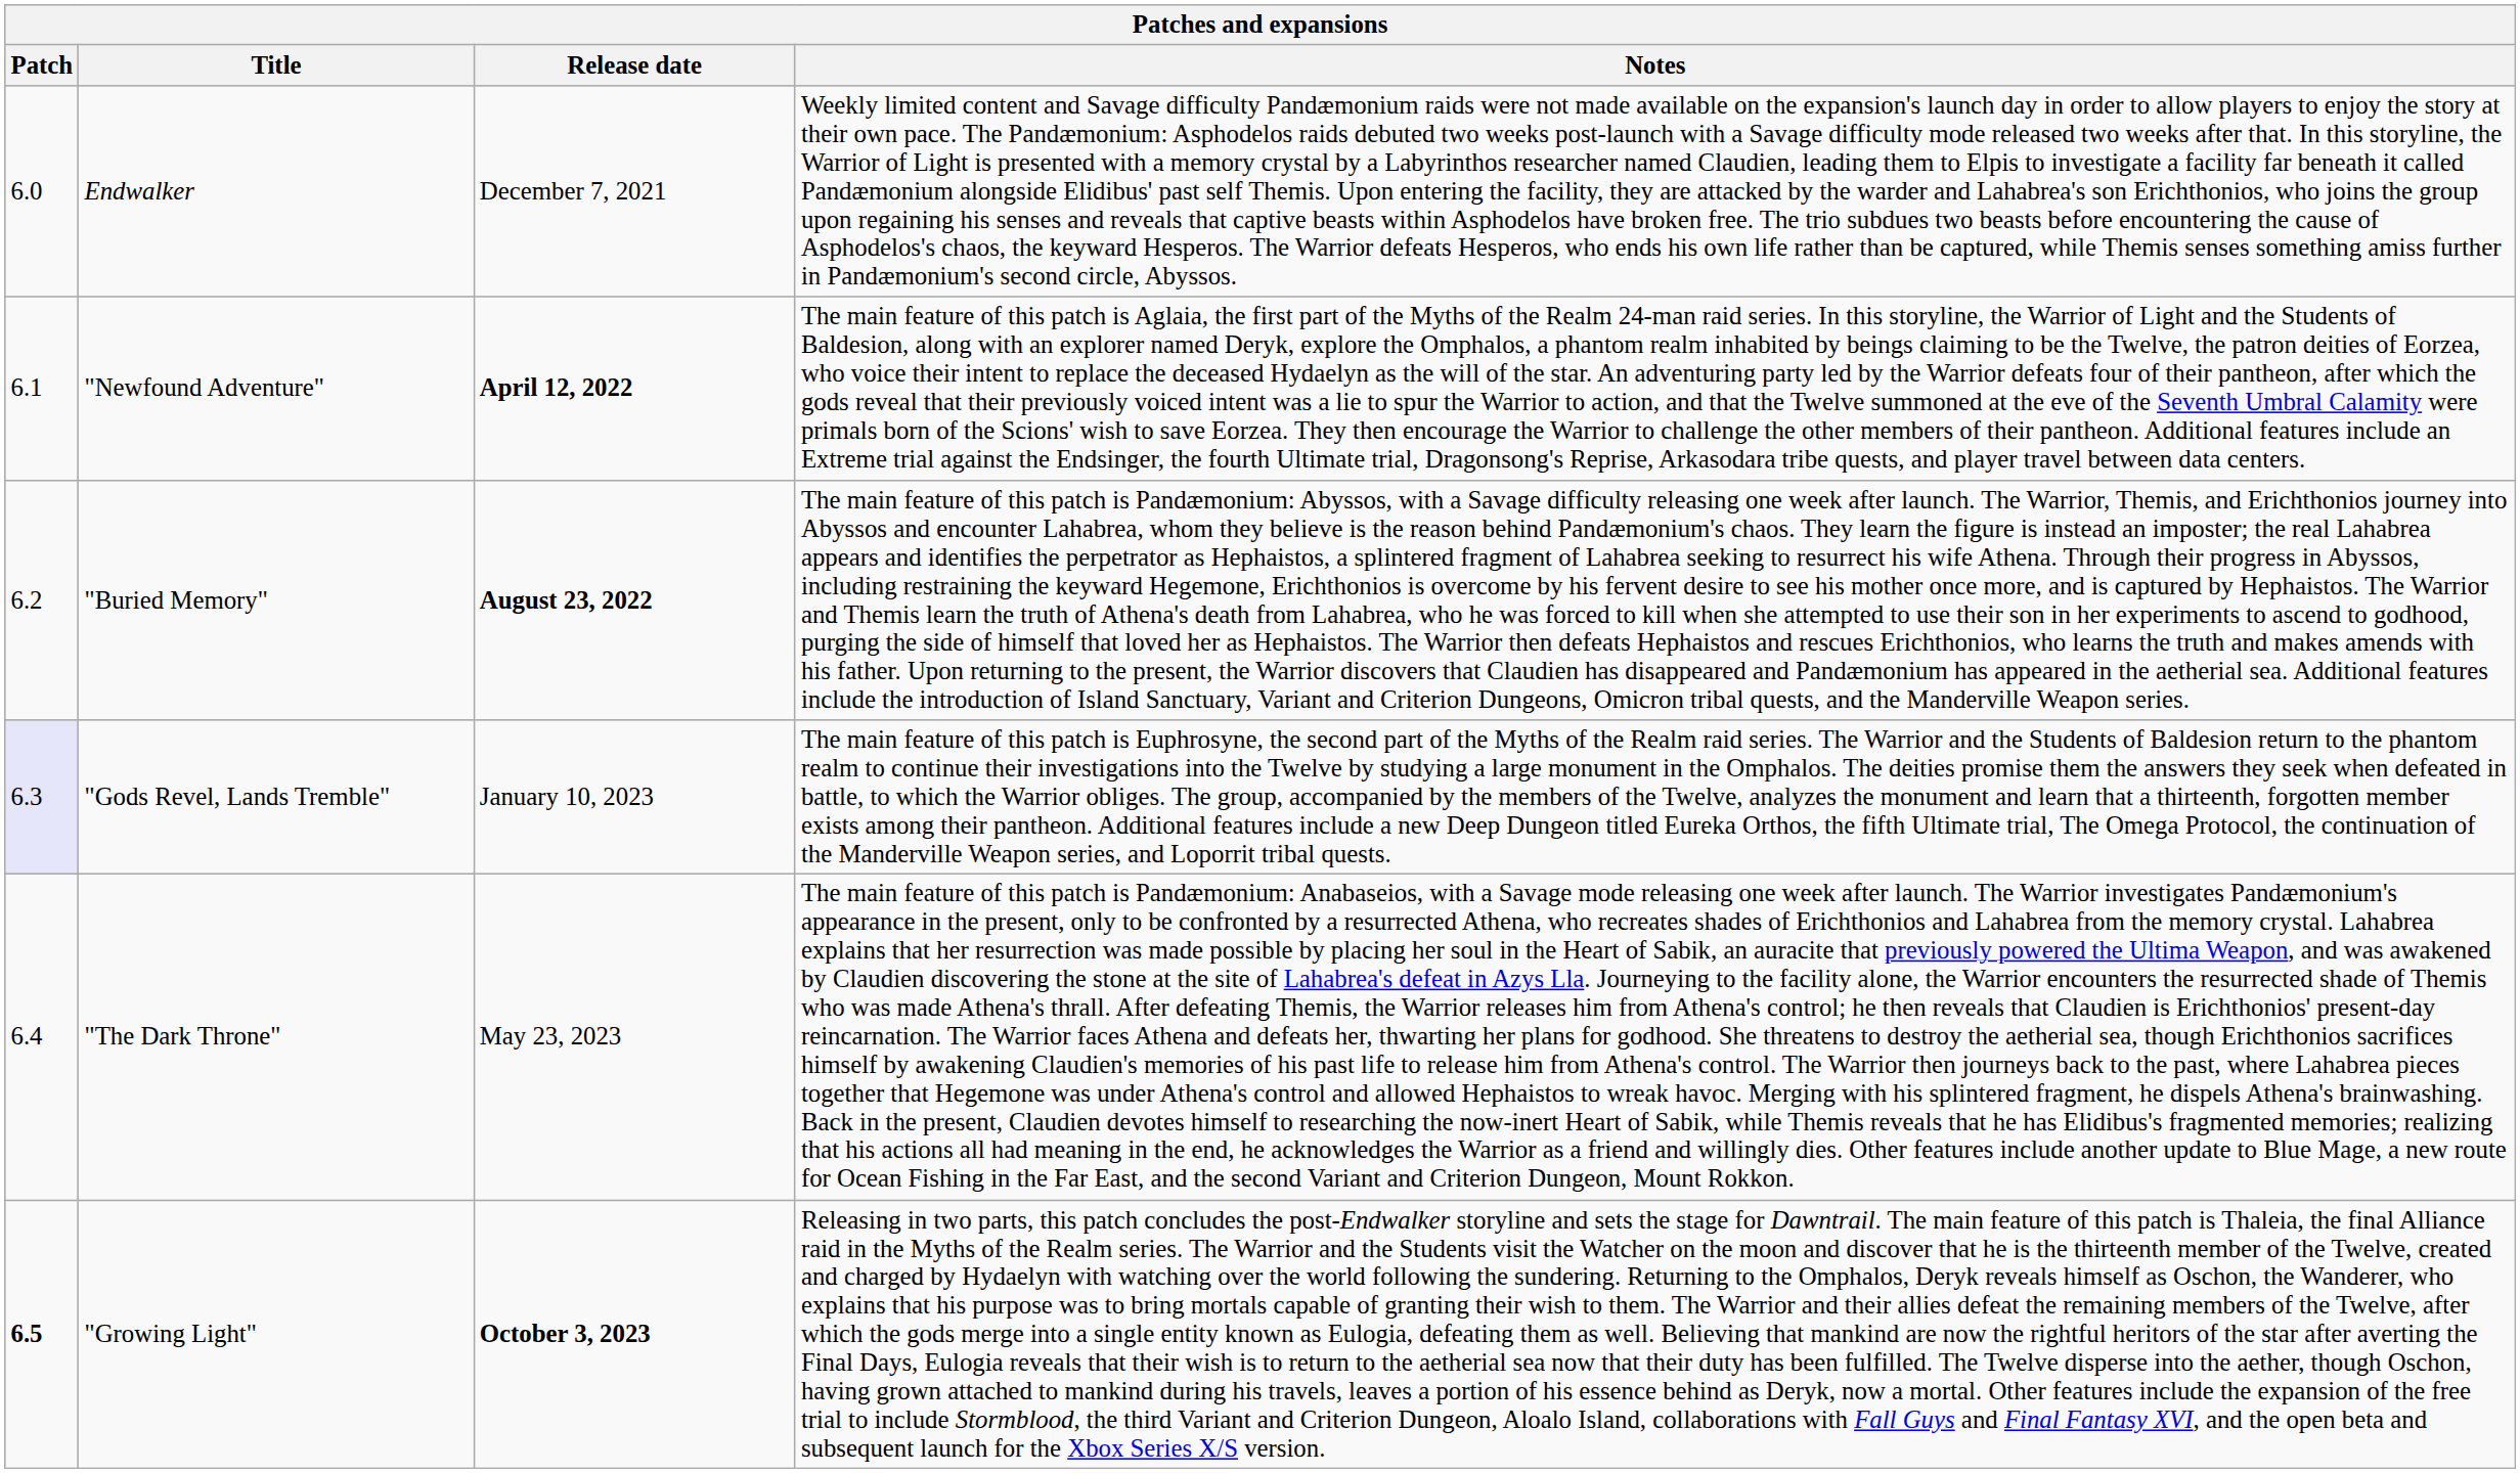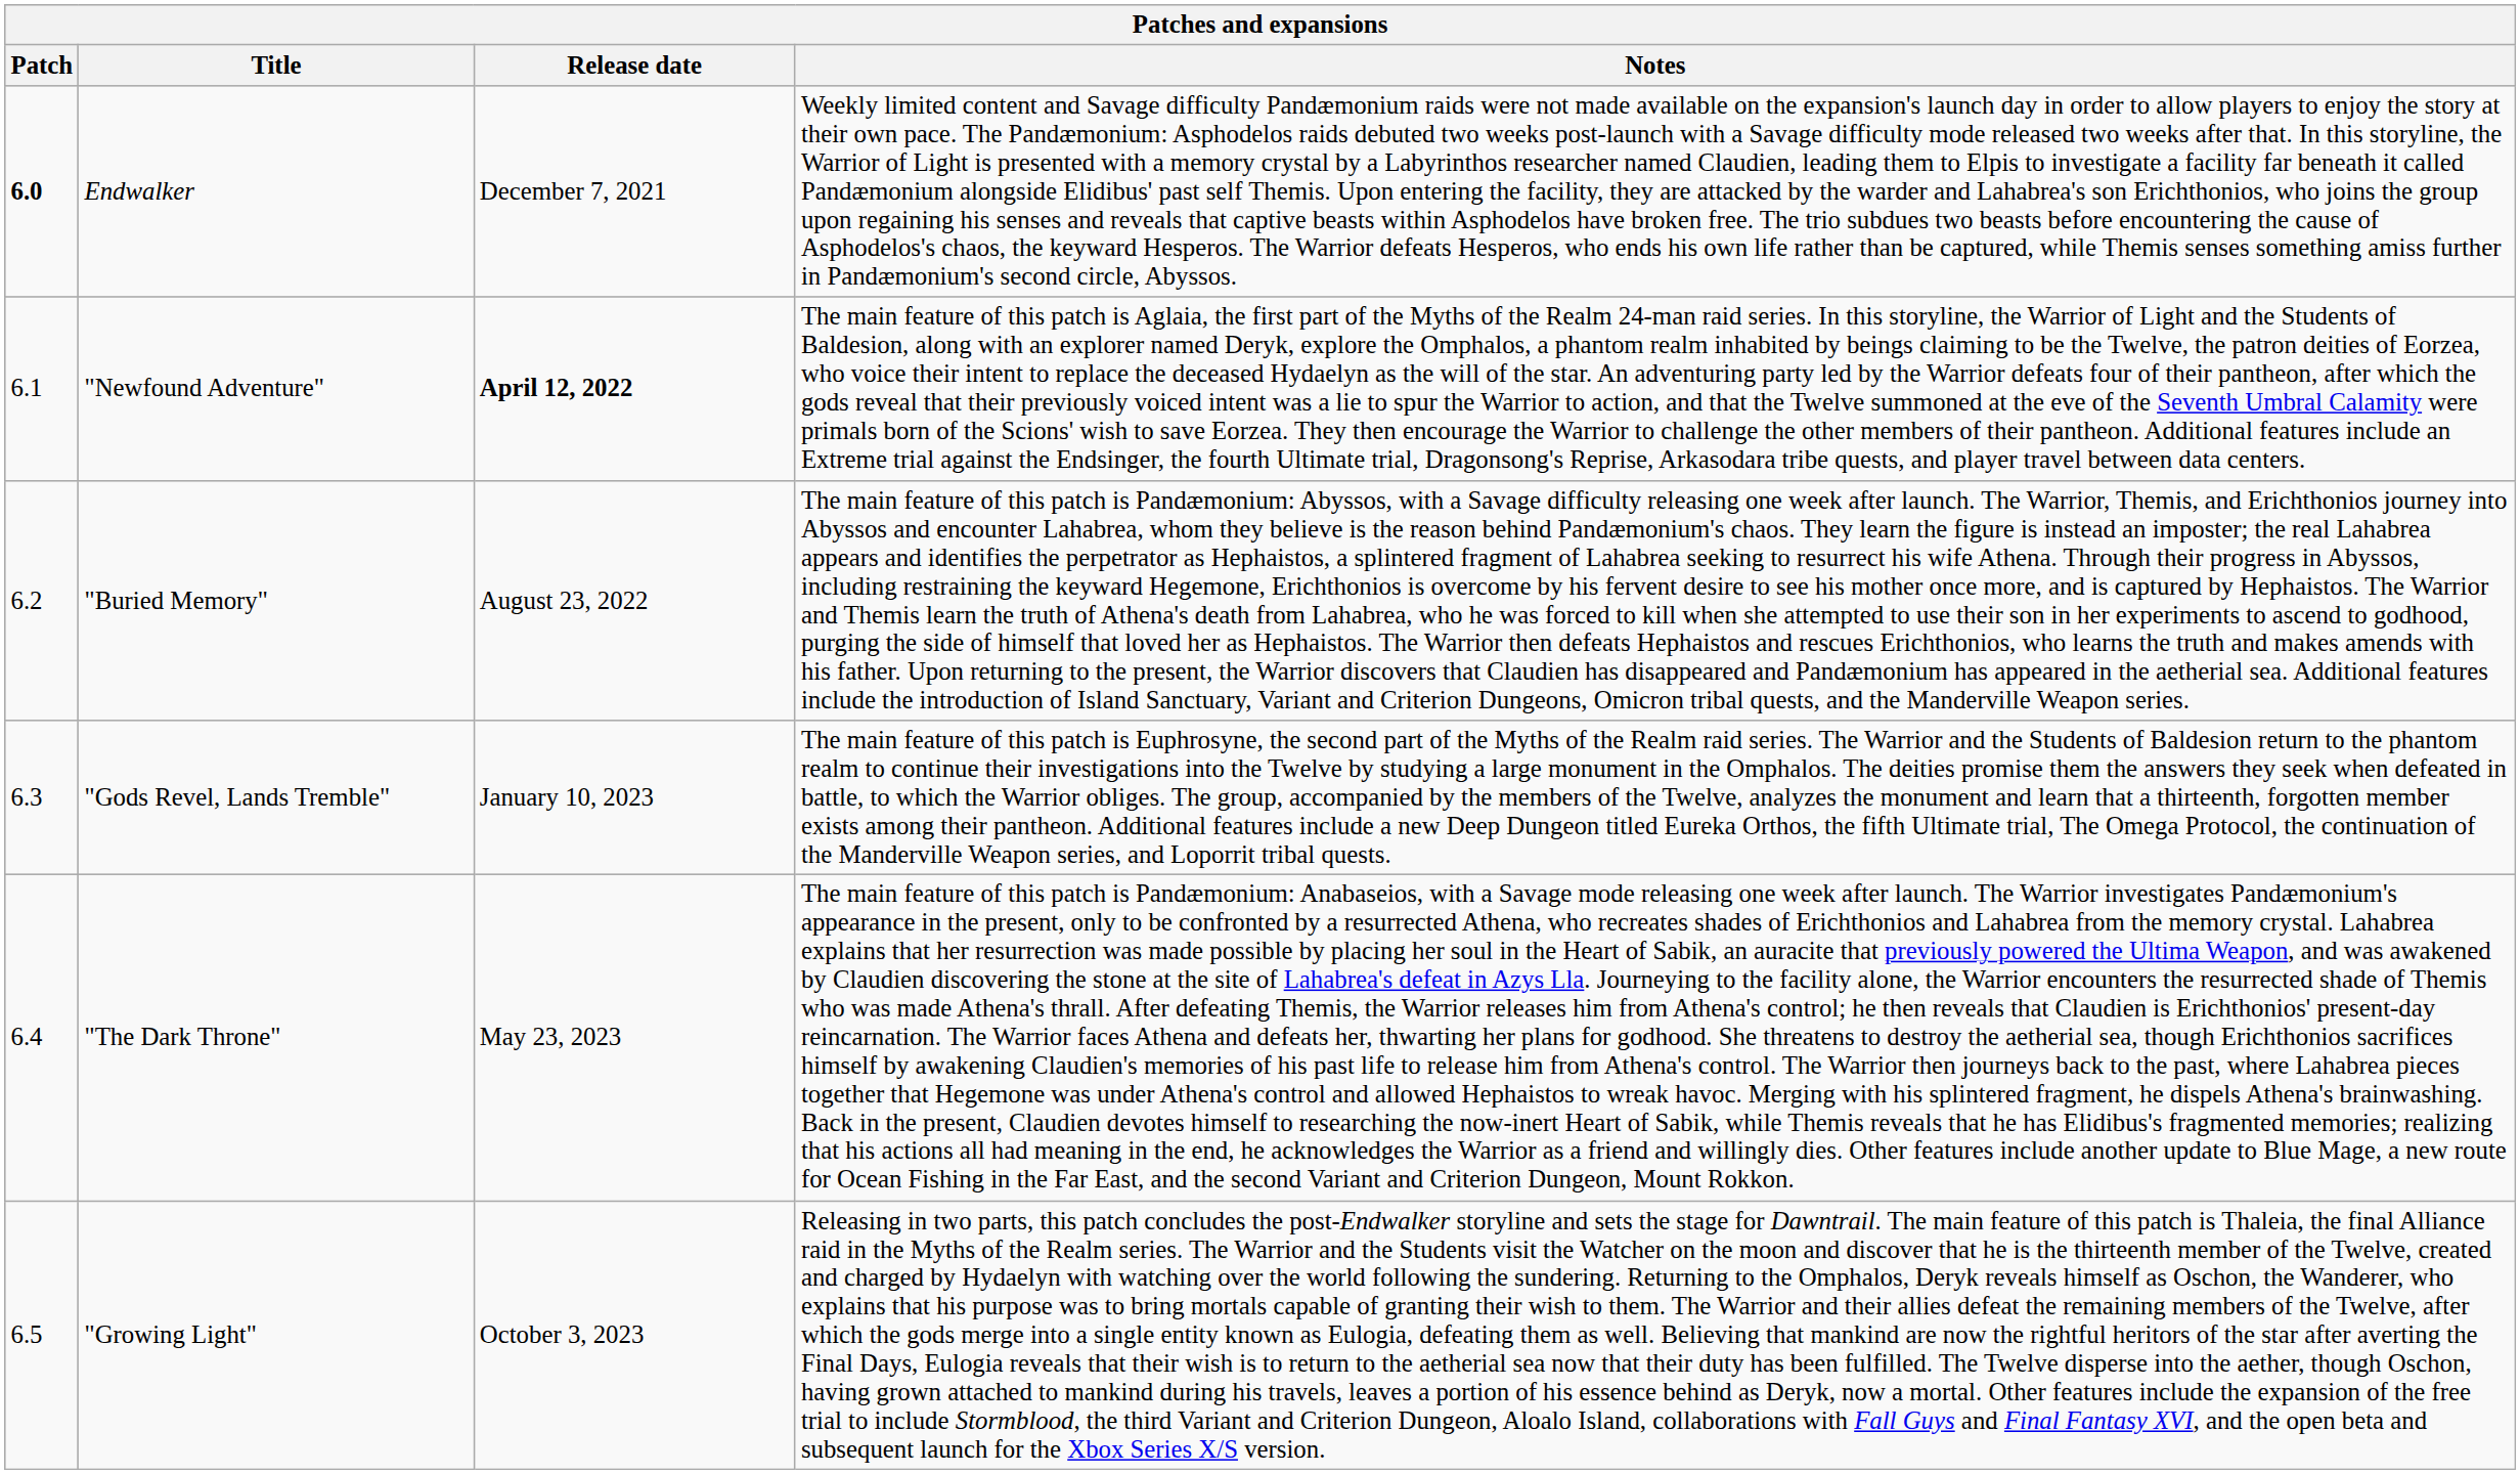 <table class="wikitable collapsible uncollapsed" style="width:100%;">
 <tr>
 <th colspan=4>Patches and expansions</th>
 </tr>
 <tr>
 <th style="width:1%;">Patch</th>
 <th style="width:16%;">Title</th>
 <th style="width:13%;">Release date</th>
 <th style="width:70%;">Notes</th>
 </tr>
 <tr>
-<td>6.0</td>
+<td><strong>6.0</strong></td>
 <td><em>Endwalker</em></td>
 <td>December 7, 2021</td>
 <td>Weekly limited content and Savage difficulty Pandæmonium raids were not made available on the expansion's launch day in order to allow players to enjoy the story at their own pace. The Pandæmonium: Asphodelos raids debuted two weeks post-launch with a Savage difficulty mode released two weeks after that. In this storyline, the Warrior of Light is presented with a memory crystal by a Labyrinthos researcher named Claudien, leading them to Elpis to investigate a facility far beneath it called Pandæmonium alongside Elidibus' past self Themis. Upon entering the facility, they are attacked by the warder and Lahabrea's son Erichthonios, who joins the group upon regaining his senses and reveals that captive beasts within Asphodelos have broken free. The trio subdues two beasts before encountering the cause of Asphodelos's chaos, the keyward Hesperos. The Warrior defeats Hesperos, who ends his own life rather than be captured, while Themis senses something amiss further in Pandæmonium's second circle, Abyssos.</td>
 </tr>
 <tr>
 <td>6.1</td>
 <td>"Newfound Adventure"</td>
 <td><strong>April 12, 2022</strong></td>
 <td>The main feature of this patch is Aglaia, the first part of the Myths of the Realm 24-man raid series. In this storyline, the Warrior of Light and the Students of Baldesion, along with an explorer named Deryk, explore the Omphalos, a phantom realm inhabited by beings claiming to be the Twelve, the patron deities of Eorzea, who voice their intent to replace the deceased Hydaelyn as the will of the star. An adventuring party led by the Warrior defeats four of their pantheon, after which the gods reveal that their previously voiced intent was a lie to spur the Warrior to action, and that the Twelve summoned at the eve of the <a href='#'>Seventh Umbral Calamity</a> were primals born of the Scions' wish to save Eorzea. They then encourage the Warrior to challenge the other members of their pantheon. Additional features include an Extreme trial against the Endsinger, the fourth Ultimate trial, Dragonsong's Reprise, Arkasodara tribe quests, and player travel between data centers.</td>
 </tr>
 <tr>
 <td>6.2</td>
 <td>"Buried Memory"</td>
-<td><strong>August 23, 2022</strong></td>
+<td>August 23, 2022</td>
 <td>The main feature of this patch is Pandæmonium: Abyssos, with a Savage difficulty releasing one week after launch. The Warrior, Themis, and Erichthonios journey into Abyssos and encounter Lahabrea, whom they believe is the reason behind Pandæmonium's chaos. They learn the figure is instead an imposter; the real Lahabrea appears and identifies the perpetrator as Hephaistos, a splintered fragment of Lahabrea seeking to resurrect his wife Athena. Through their progress in Abyssos, including restraining the keyward Hegemone, Erichthonios is overcome by his fervent desire to see his mother once more, and is captured by Hephaistos. The Warrior and Themis learn the truth of Athena's death from Lahabrea, who he was forced to kill when she attempted to use their son in her experiments to ascend to godhood, purging the side of himself that loved her as Hephaistos. The Warrior then defeats Hephaistos and rescues Erichthonios, who learns the truth and makes amends with his father. Upon returning to the present, the Warrior discovers that Claudien has disappeared and Pandæmonium has appeared in the aetherial sea. Additional features include the introduction of Island Sanctuary, Variant and Criterion Dungeons, Omicron tribal quests, and the Manderville Weapon series.</td>
 </tr>
 <tr>
-<td style="background: lavender;">6.3</td>
+<td>6.3</td>
 <td>"Gods Revel, Lands Tremble"</td>
 <td>January 10, 2023</td>
 <td>The main feature of this patch is Euphrosyne, the second part of the Myths of the Realm raid series. The Warrior and the Students of Baldesion return to the phantom realm to continue their investigations into the Twelve by studying a large monument in the Omphalos. The deities promise them the answers they seek when defeated in battle, to which the Warrior obliges. The group, accompanied by the members of the Twelve, analyzes the monument and learn that a thirteenth, forgotten member exists among their pantheon. Additional features include a new Deep Dungeon titled Eureka Orthos, the fifth Ultimate trial, The Omega Protocol, the continuation of the Manderville Weapon series, and Loporrit tribal quests.</td>
 </tr>
 <tr>
 <td>6.4</td>
 <td>"The Dark Throne"</td>
 <td>May 23, 2023</td>
 <td>The main feature of this patch is Pandæmonium: Anabaseios, with a Savage mode releasing one week after launch. The Warrior investigates Pandæmonium's appearance in the present, only to be confronted by a resurrected Athena, who recreates shades of Erichthonios and Lahabrea from the memory crystal. Lahabrea explains that her resurrection was made possible by placing her soul in the Heart of Sabik, an auracite that <a href='#'>previously powered the Ultima Weapon</a>, and was awakened by Claudien discovering the stone at the site of <a href='#'>Lahabrea's defeat in Azys Lla</a>. Journeying to the facility alone, the Warrior encounters the resurrected shade of Themis who was made Athena's thrall. After defeating Themis, the Warrior releases him from Athena's control; he then reveals that Claudien is Erichthonios' present-day reincarnation. The Warrior faces Athena and defeats her, thwarting her plans for godhood. She threatens to destroy the aetherial sea, though Erichthonios sacrifices himself by awakening Claudien's memories of his past life to release him from Athena's control. The Warrior then journeys back to the past, where Lahabrea pieces together that Hegemone was under Athena's control and allowed Hephaistos to wreak havoc. Merging with his splintered fragment, he dispels Athena's brainwashing. Back in the present, Claudien devotes himself to researching the now-inert Heart of Sabik, while Themis reveals that he has Elidibus's fragmented memories; realizing that his actions all had meaning in the end, he acknowledges the Warrior as a friend and willingly dies. Other features include another update to Blue Mage, a new route for Ocean Fishing in the Far East, and the second Variant and Criterion Dungeon, Mount Rokkon.</td>
 </tr>
 <tr>
-<td><strong>6.5</strong></td>
+<td>6.5</td>
 <td>"Growing Light"</td>
-<td><strong>October 3, 2023</strong></td>
+<td>October 3, 2023</td>
 <td>Releasing in two parts, this patch concludes the post-<em>Endwalker</em> storyline and sets the stage for <em>Dawntrail</em>. The main feature of this patch is Thaleia, the final Alliance raid in the Myths of the Realm series. The Warrior and the Students visit the Watcher on the moon and discover that he is the thirteenth member of the Twelve, created and charged by Hydaelyn with watching over the world following the sundering. Returning to the Omphalos, Deryk reveals himself as Oschon, the Wanderer, who explains that his purpose was to bring mortals capable of granting their wish to them. The Warrior and their allies defeat the remaining members of the Twelve, after which the gods merge into a single entity known as Eulogia, defeating them as well. Believing that mankind are now the rightful heritors of the star after averting the Final Days, Eulogia reveals that their wish is to return to the aetherial sea now that their duty has been fulfilled. The Twelve disperse into the aether, though Oschon, having grown attached to mankind during his travels, leaves a portion of his essence behind as Deryk, now a mortal. Other features include the expansion of the free trial to include <em>Stormblood</em>, the third Variant and Criterion Dungeon, Aloalo Island, collaborations with <em><a href='#'>Fall Guys</a></em> and <em><a href='#'>Final Fantasy XVI</a></em>, and the open beta and subsequent launch for the <a href='#'>Xbox Series X/S</a> version.</td>
 </tr>
 </table>
